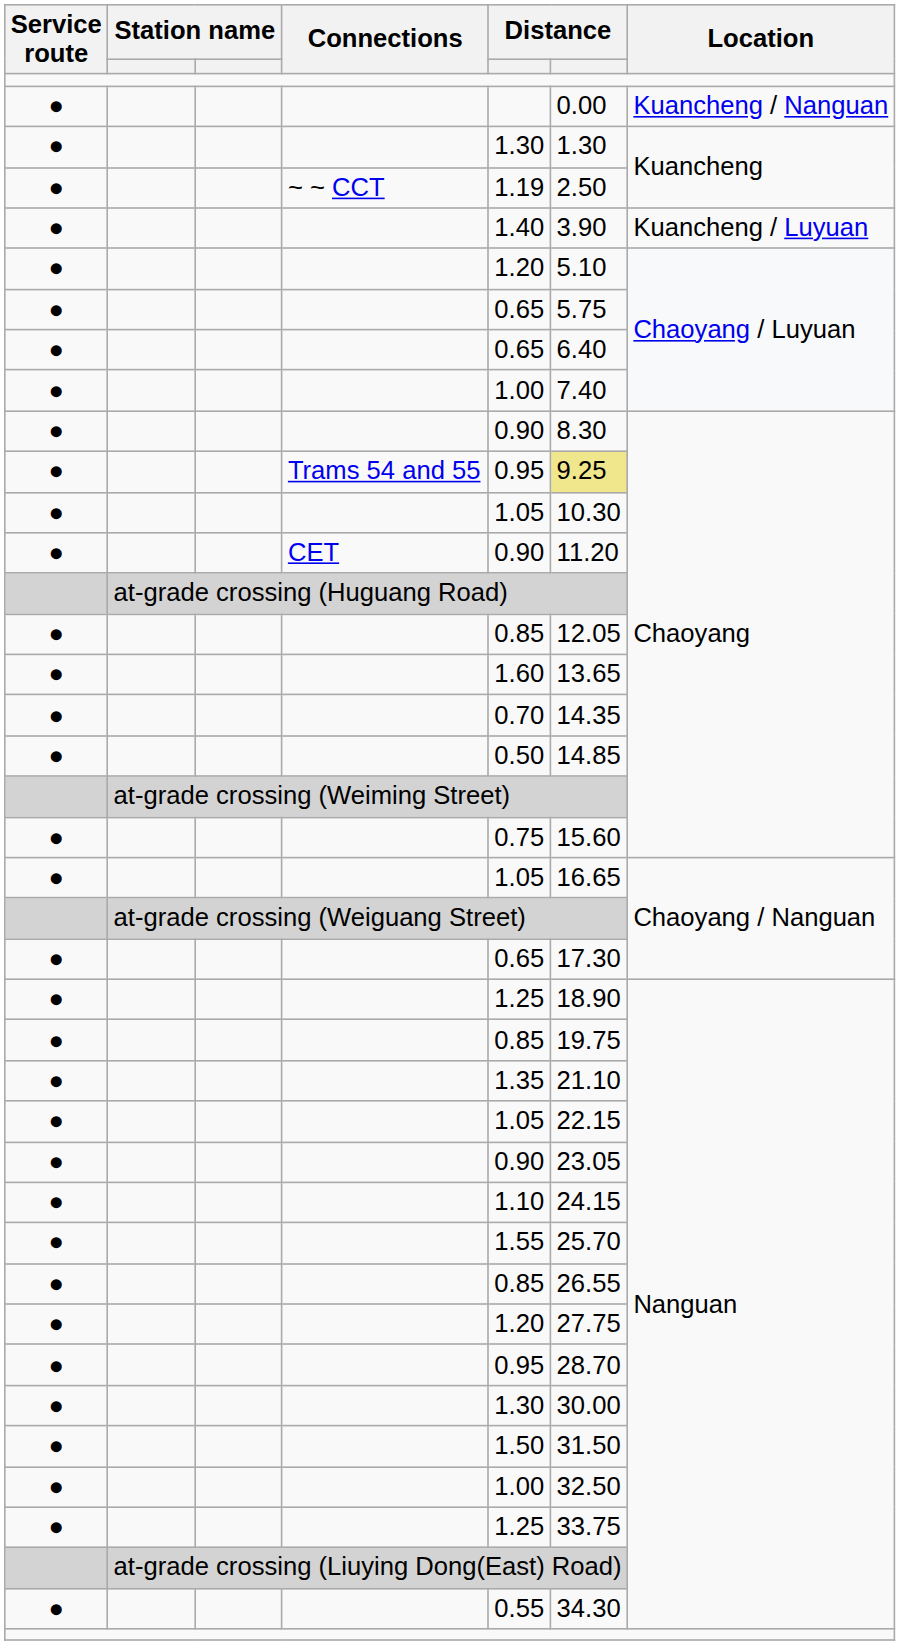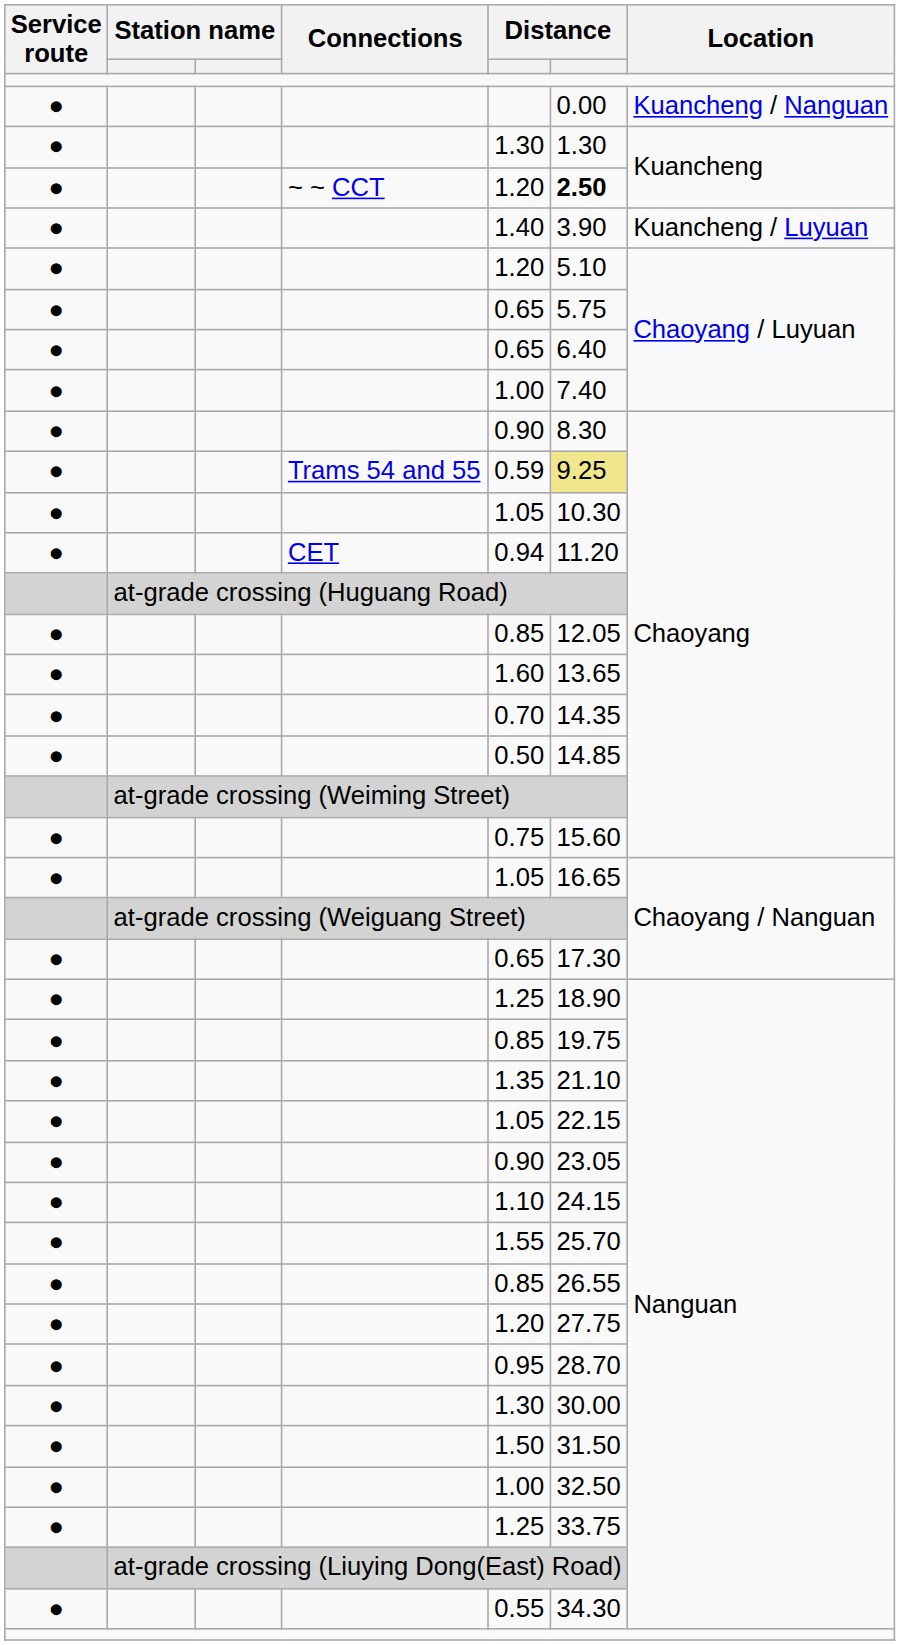 <table class="wikitable">
 <tr>
 <th rowspan="2">Service<br>route</th>
 <th colspan="2">Station name</th>
 <th rowspan="2">Connections</th>
 <th colspan="2">Distance<br></th>
 <th rowspan="2">Location</th>
 </tr>
 <tr>
 <th></th>
 <th></th>
 <th></th>
 <th></th>
 </tr>
 <tr style="background:#">
 <td colspan="8"></td>
 </tr>
 <tr>
 <td align="center">●</td>
 <td></td>
 <td></td>
 <td></td>
 <td></td>
 <td>0.00</td>
 <td><a href='#'>Kuancheng</a> / <a href='#'>Nanguan</a></td>
 </tr>
 <tr>
 <td align="center">●</td>
 <td></td>
 <td></td>
 <td></td>
 <td>1.30</td>
 <td>1.30</td>
 <td rowspan="2">Kuancheng</td>
 </tr>
 <tr>
 <td align="center">●</td>
 <td></td>
 <td></td>
 <td>~ ~  <a href='#'>CCT</a><br></td>
-<td>1.19</td>
-<td>2.50</td>
+<td>1.20</td>
+<td><strong>2.50</strong></td>
 </tr>
 <tr>
 <td align="center">●</td>
 <td></td>
 <td></td>
 <td></td>
 <td>1.40</td>
 <td>3.90</td>
 <td>Kuancheng / <a href='#'>Luyuan</a></td>
 </tr>
 <tr>
 <td align="center">●</td>
 <td></td>
 <td></td>
 <td></td>
 <td>1.20</td>
 <td>5.10</td>
 <td rowspan="4" bgcolor="#F8F9FA"><a href='#'>Chaoyang</a> / Luyuan</td>
 </tr>
 <tr>
 <td align="center">●</td>
 <td></td>
 <td></td>
 <td></td>
 <td>0.65</td>
 <td>5.75</td>
 </tr>
 <tr>
 <td align="center">●</td>
 <td></td>
 <td></td>
 <td></td>
 <td>0.65</td>
 <td>6.40</td>
 </tr>
 <tr>
 <td align="center">●</td>
 <td></td>
 <td></td>
 <td></td>
 <td>1.00</td>
 <td>7.40</td>
 </tr>
 <tr>
 <td align="center">●</td>
 <td></td>
 <td></td>
 <td></td>
 <td>0.90</td>
 <td>8.30</td>
 <td rowspan="11">Chaoyang</td>
 </tr>
 <tr>
 <td align="center">●</td>
 <td></td>
 <td></td>
 <td> <a href='#'>Trams 54 and 55</a></td>
-<td>0.95</td>
+<td>0.59</td>
 <td style="background: khaki;">9.25</td>
 </tr>
 <tr>
 <td align="center">●</td>
 <td></td>
 <td></td>
 <td></td>
 <td>1.05</td>
 <td>10.30</td>
 </tr>
 <tr>
 <td align="center">●</td>
 <td></td>
 <td></td>
 <td> <a href='#'>CET</a> </td>
-<td>0.90</td>
+<td>0.94</td>
 <td>11.20</td>
 </tr>
 <tr bgcolor="lightgrey">
 <td align="center"></td>
 <td colspan="5">at-grade crossing (Huguang Road)</td>
 </tr>
 <tr>
 <td align="center">●</td>
 <td></td>
 <td></td>
 <td></td>
 <td>0.85</td>
 <td>12.05</td>
 </tr>
 <tr>
 <td align="center">●</td>
 <td></td>
 <td></td>
 <td></td>
 <td>1.60</td>
 <td>13.65</td>
 </tr>
 <tr>
 <td align="center">●</td>
 <td></td>
 <td></td>
 <td></td>
 <td>0.70</td>
 <td>14.35</td>
 </tr>
 <tr>
 <td align="center">●</td>
 <td></td>
 <td></td>
 <td></td>
 <td>0.50</td>
 <td>14.85</td>
 </tr>
 <tr bgcolor="lightgrey">
 <td align="center"></td>
 <td colspan="5">at-grade crossing (Weiming Street)</td>
 </tr>
 <tr>
 <td align="center">●</td>
 <td></td>
 <td></td>
 <td></td>
 <td>0.75</td>
 <td>15.60</td>
 </tr>
 <tr>
 <td align="center">●</td>
 <td></td>
 <td></td>
 <td></td>
 <td>1.05</td>
 <td>16.65</td>
 <td rowspan="3">Chaoyang / Nanguan</td>
 </tr>
 <tr bgcolor="lightgrey">
 <td align="center"></td>
 <td colspan="5">at-grade crossing (Weiguang Street)</td>
 </tr>
 <tr>
 <td align="center">●</td>
 <td></td>
 <td></td>
 <td></td>
 <td>0.65</td>
 <td>17.30</td>
 </tr>
 <tr>
 <td align="center">●</td>
 <td></td>
 <td></td>
 <td></td>
 <td>1.25</td>
 <td>18.90</td>
 <td rowspan="16">Nanguan</td>
 </tr>
 <tr>
 <td align="center">●</td>
 <td></td>
 <td></td>
 <td></td>
 <td>0.85</td>
 <td>19.75</td>
 </tr>
 <tr>
 <td align="center">●</td>
 <td></td>
 <td></td>
 <td></td>
 <td>1.35</td>
 <td>21.10</td>
 </tr>
 <tr>
 <td align="center">●</td>
 <td></td>
 <td></td>
 <td></td>
 <td>1.05</td>
 <td>22.15</td>
 </tr>
 <tr>
 <td align="center">●</td>
 <td></td>
 <td></td>
 <td></td>
 <td>0.90</td>
 <td>23.05</td>
 </tr>
 <tr>
 <td align="center">●</td>
 <td></td>
 <td></td>
 <td></td>
 <td>1.10</td>
 <td>24.15</td>
 </tr>
 <tr>
 <td align="center">●</td>
 <td></td>
 <td></td>
 <td></td>
 <td>1.55</td>
 <td>25.70</td>
 </tr>
 <tr>
 <td align="center">●</td>
 <td></td>
 <td></td>
 <td></td>
 <td>0.85</td>
 <td>26.55</td>
 </tr>
 <tr>
 <td align="center">●</td>
 <td></td>
 <td></td>
 <td></td>
 <td>1.20</td>
 <td>27.75</td>
 </tr>
 <tr>
 <td align="center">●</td>
 <td></td>
 <td></td>
 <td></td>
 <td>0.95</td>
 <td>28.70</td>
 </tr>
 <tr>
 <td align="center">●</td>
 <td></td>
 <td></td>
 <td></td>
 <td>1.30</td>
 <td>30.00</td>
 </tr>
 <tr>
 <td align="center">●</td>
 <td></td>
 <td></td>
 <td></td>
 <td>1.50</td>
 <td>31.50</td>
 </tr>
 <tr>
 <td align="center">●</td>
 <td></td>
 <td></td>
 <td></td>
 <td>1.00</td>
 <td>32.50</td>
 </tr>
 <tr>
 <td align="center">●</td>
 <td></td>
 <td></td>
 <td></td>
 <td>1.25</td>
 <td>33.75</td>
 </tr>
 <tr bgcolor="lightgrey">
 <td align="center"></td>
 <td colspan="5">at-grade crossing (Liuying Dong(East) Road)</td>
 </tr>
 <tr>
 <td align="center">●</td>
 <td></td>
 <td></td>
 <td></td>
 <td>0.55</td>
 <td>34.30</td>
 </tr>
 <tr style="background:#">
 <td colspan="8"></td>
 </tr>
 </table>
